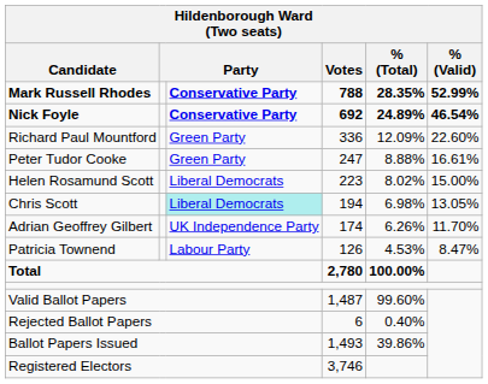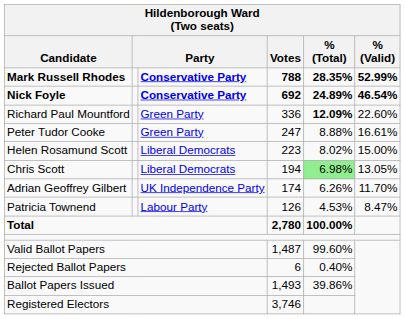 <table class="wikitable" border="1" style="text-align:right; font-size:100%">
 <tr>
 <th align=center colspan=6>Hildenborough Ward<br>(Two seats)</th>
 </tr>
 <tr>
 <th valign=bottom>Candidate</th>
 <th valign=bottom colspan=2>Party</th>
 <th valign=bottom>Votes</th>
 <th>%<br>(Total)</th>
 <th>%<br>(Valid)</th>
 </tr>
 <tr>
 <td align=left><strong>Mark Russell Rhodes</strong></td>
 <td style="background:"></td>
 <td align=left><strong><a href='#'>Conservative Party</a></strong></td>
 <td><strong>788</strong></td>
 <td><strong>28.35%</strong></td>
 <td><strong>52.99%</strong></td>
 </tr>
 <tr>
 <td align=left><strong>Nick Foyle</strong></td>
 <td style="background:"></td>
 <td align=left><strong><a href='#'>Conservative Party</a></strong></td>
 <td><strong>692</strong></td>
 <td><strong>24.89%</strong></td>
 <td><strong>46.54%</strong></td>
 </tr>
 <tr>
 <td align=left>Richard Paul Mountford</td>
 <td style="background:"></td>
 <td align=left><a href='#'>Green Party</a></td>
 <td>336</td>
-<td>12.09%</td>
+<td><strong>12.09%</strong></td>
 <td>22.60%</td>
 </tr>
 <tr>
 <td align=left>Peter Tudor Cooke</td>
 <td style="background:"></td>
 <td align=left><a href='#'>Green Party</a></td>
 <td>247</td>
 <td>8.88%</td>
 <td>16.61%</td>
 </tr>
 <tr>
 <td align=left>Helen Rosamund Scott</td>
 <td style="background:"></td>
 <td align=left><a href='#'>Liberal Democrats</a></td>
 <td>223</td>
 <td>8.02%</td>
 <td>15.00%</td>
 </tr>
 <tr>
 <td align=left>Chris Scott</td>
 <td style="background:"></td>
-<td align=left style="background: paleturquoise;"><a href='#'>Liberal Democrats</a></td>
+<td align=left><a href='#'>Liberal Democrats</a></td>
 <td>194</td>
-<td>6.98%</td>
+<td style="background: lightgreen;">6.98%</td>
 <td>13.05%</td>
 </tr>
 <tr>
 <td align=left>Adrian Geoffrey Gilbert</td>
 <td style="background:"></td>
 <td align=left><a href='#'>UK Independence Party</a></td>
 <td>174</td>
 <td>6.26%</td>
 <td>11.70%</td>
 </tr>
 <tr>
 <td align=left>Patricia Townend</td>
 <td style="background:"></td>
 <td align=left><a href='#'>Labour Party</a></td>
 <td>126</td>
 <td>4.53%</td>
 <td>8.47%</td>
 </tr>
 <tr style="font-weight:bold">
 <td align=left colspan=3>Total</td>
 <td>2,780</td>
 <td>100.00%</td>
 <td></td>
 </tr>
 <tr>
 <td align=left colspan=6></td>
 </tr>
 <tr>
 <td align=left colspan=3>Valid Ballot Papers</td>
 <td>1,487</td>
 <td>99.60%</td>
 <td rowspan=4></td>
 </tr>
 <tr>
 <td align=left colspan=3>Rejected Ballot Papers</td>
 <td>6</td>
 <td>0.40%</td>
 </tr>
 <tr>
 <td align=left colspan=3>Ballot Papers Issued</td>
 <td>1,493</td>
 <td>39.86%</td>
 </tr>
 <tr>
 <td align=left colspan=3>Registered Electors</td>
 <td>3,746</td>
 <td></td>
 </tr>
 </table>
